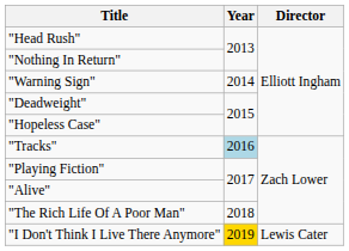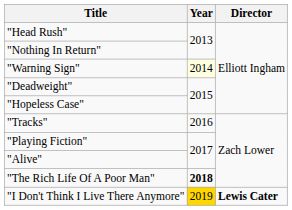 <table class="wikitable">
 <tr>
 <th>Title</th>
 <th>Year</th>
 <th>Director</th>
 </tr>
 <tr>
 <td>"Head Rush"</td>
 <td rowspan="2">2013</td>
 <td rowspan="5">Elliott Ingham</td>
 </tr>
 <tr>
 <td>"Nothing In Return"</td>
 </tr>
 <tr>
 <td>"Warning Sign"</td>
-<td>2014</td>
+<td style="background: lightyellow;">2014</td>
 </tr>
 <tr>
 <td>"Deadweight"</td>
 <td rowspan="2">2015</td>
 </tr>
 <tr>
 <td>"Hopeless Case"</td>
 </tr>
 <tr>
 <td>"Tracks"</td>
-<td rowspan="1" style="background: lightblue;">2016</td>
+<td rowspan="1">2016</td>
 <td rowspan="4">Zach Lower</td>
 </tr>
 <tr>
 <td>"Playing Fiction"</td>
 <td rowspan="2">2017</td>
 </tr>
 <tr>
 <td>"Alive"</td>
 </tr>
 <tr>
 <td>"The Rich Life Of A Poor Man"</td>
-<td>2018</td>
+<td><strong>2018</strong></td>
 </tr>
 <tr>
 <td>"I Don't Think I Live There Anymore"</td>
 <td style="background: gold;">2019</td>
-<td>Lewis Cater</td>
+<td><strong>Lewis Cater</strong></td>
 </tr>
 </table>
